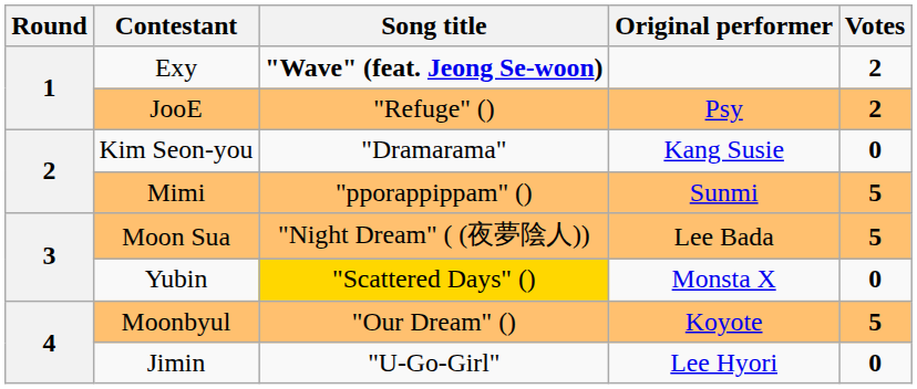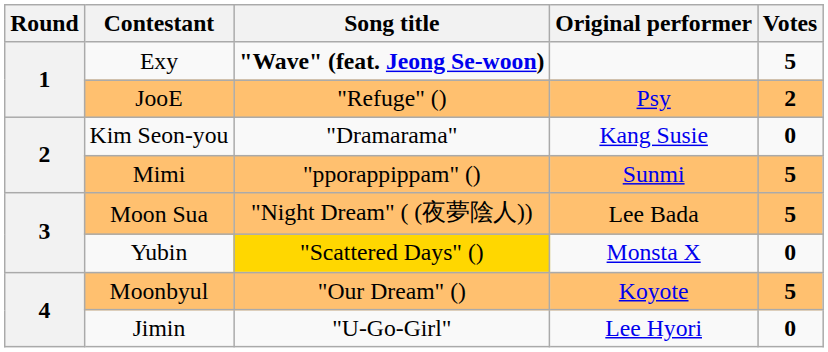 <table class="wikitable plainrowheaders sortable" style="text-align:center;">
 <tr>
 <th scope="col">Round</th>
 <th scope="col">Contestant</th>
 <th>Song title</th>
 <th>Original performer</th>
 <th>Votes</th>
 </tr>
 <tr>
 <th rowspan="2">1</th>
 <td>Exy</td>
 <td><strong>"Wave" (feat. <a href='#'>Jeong Se-woon</a>)</strong></td>
 <td></td>
-<td><strong>2</strong></td>
+<td><strong>5</strong></td>
 </tr>
 <tr>
 <td style="background:#FFC06F">JooE</td>
 <td style="background:#FFC06F">"Refuge" ()</td>
 <td style="background:#FFC06F"><a href='#'>Psy</a></td>
 <td style="background:#FFC06F"><strong>2</strong></td>
 </tr>
 <tr>
 <th rowspan="2">2</th>
 <td>Kim Seon-you</td>
 <td>"Dramarama"</td>
 <td><a href='#'>Kang Susie</a></td>
 <td><strong>0</strong></td>
 </tr>
 <tr>
 <td style="background:#FFC06F">Mimi</td>
 <td style="background:#FFC06F">"pporappippam" ()</td>
 <td style="background:#FFC06F"><a href='#'>Sunmi</a></td>
 <td style="background:#FFC06F"><strong>5</strong></td>
 </tr>
 <tr>
 <th rowspan="2">3</th>
 <td style="background:#FFC06F">Moon Sua</td>
 <td style="background:#FFC06F">"Night Dream" ( (夜夢陰人))</td>
 <td style="background:#FFC06F">Lee Bada</td>
 <td style="background:#FFC06F"><strong>5</strong></td>
 </tr>
 <tr>
 <td>Yubin</td>
 <td style="background: gold;">"Scattered Days" ()</td>
 <td><a href='#'>Monsta X</a></td>
 <td><strong>0</strong></td>
 </tr>
 <tr>
 <th rowspan="2">4</th>
 <td style="background:#FFC06F">Moonbyul</td>
 <td style="background:#FFC06F">"Our Dream" ()</td>
 <td style="background:#FFC06F"><a href='#'>Koyote</a></td>
 <td style="background:#FFC06F"><strong>5</strong></td>
 </tr>
 <tr>
 <td>Jimin</td>
 <td>"U-Go-Girl"</td>
 <td><a href='#'>Lee Hyori</a></td>
 <td><strong>0</strong></td>
 </tr>
 </table>
